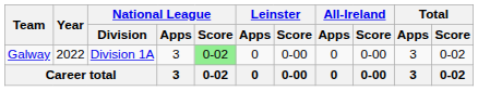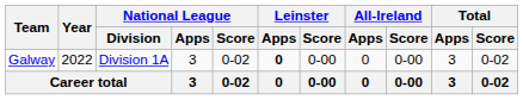 <table class="wikitable" style="text-align:center">
 <tr>
 <th rowspan="2">Team</th>
 <th rowspan="2">Year</th>
 <th colspan="3"><a href='#'>National League</a></th>
 <th colspan="2"><a href='#'>Leinster</a></th>
 <th colspan="2"><a href='#'>All-Ireland</a></th>
 <th colspan="2">Total</th>
 </tr>
 <tr>
 <th>Division</th>
 <th>Apps</th>
 <th>Score</th>
 <th>Apps</th>
 <th>Score</th>
 <th>Apps</th>
 <th>Score</th>
 <th>Apps</th>
 <th>Score</th>
 </tr>
 <tr>
 <td rowspan="1"><a href='#'>Galway</a></td>
 <td>2022</td>
 <td rowspan="1"><a href='#'>Division 1A</a></td>
 <td>3</td>
-<td style="background: lightgreen;">0-02</td>
-<td>0</td>
+<td>0-02</td>
+<td><strong>0</strong></td>
 <td>0-00</td>
 <td>0</td>
 <td>0-00</td>
 <td>3</td>
 <td>0-02</td>
 </tr>
 <tr>
 <th colspan="3">Career total</th>
 <th>3</th>
 <th>0-02</th>
 <th>0</th>
 <th>0-00</th>
 <th>0</th>
 <th>0-00</th>
 <th>3</th>
 <th>0-02</th>
 </tr>
 </table>
